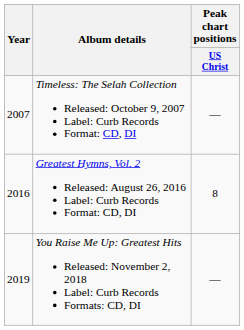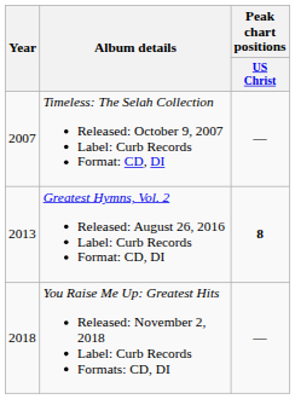 <table class="wikitable">
 <tr>
 <th rowspan="2" width="33">Year</th>
 <th rowspan="2" width="215">Album details</th>
 <th colspan="1">Peak chart positions</th>
 </tr>
 <tr>
 <th scope="col" style="width:3em;font-size:85%;"><a href='#'>US<br> Christ</a><br></th>
 </tr>
 <tr>
 <td>2007</td>
 <td><em>Timeless: The Selah Collection</em><br><ul><li>Released: October 9, 2007</li><li>Label: Curb Records</li><li>Format: <a href='#'>CD</a>, <a href='#'>DI</a></li></ul></td>
 <td align="center">—</td>
 </tr>
 <tr>
-<td>2016</td>
+<td>2013</td>
 <td><em><a href='#'>Greatest Hymns, Vol. 2</a></em><br><ul><li>Released: August 26, 2016</li><li>Label: Curb Records</li><li>Format: CD, DI</li></ul></td>
-<td align="center">8</td>
+<td align="center"><strong>8</strong></td>
 </tr>
 <tr>
-<td>2019</td>
+<td>2018</td>
 <td><em>You Raise Me Up: Greatest Hits</em><br><ul><li>Released: November 2, 2018</li><li>Label: Curb Records</li><li>Formats: CD, DI</li></ul></td>
 <td align="center">—</td>
 </tr>
 </table>
